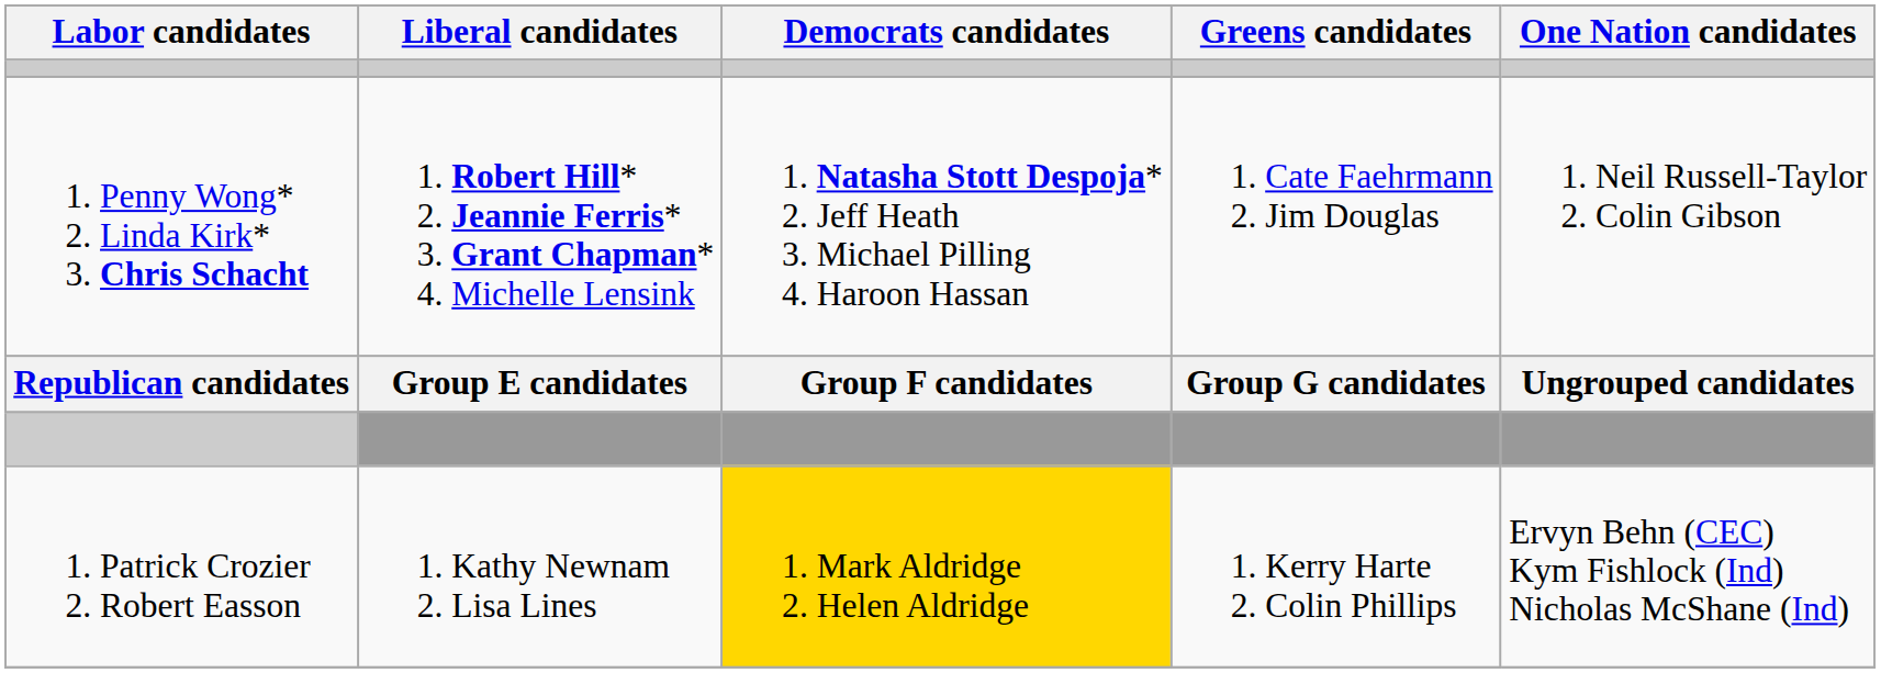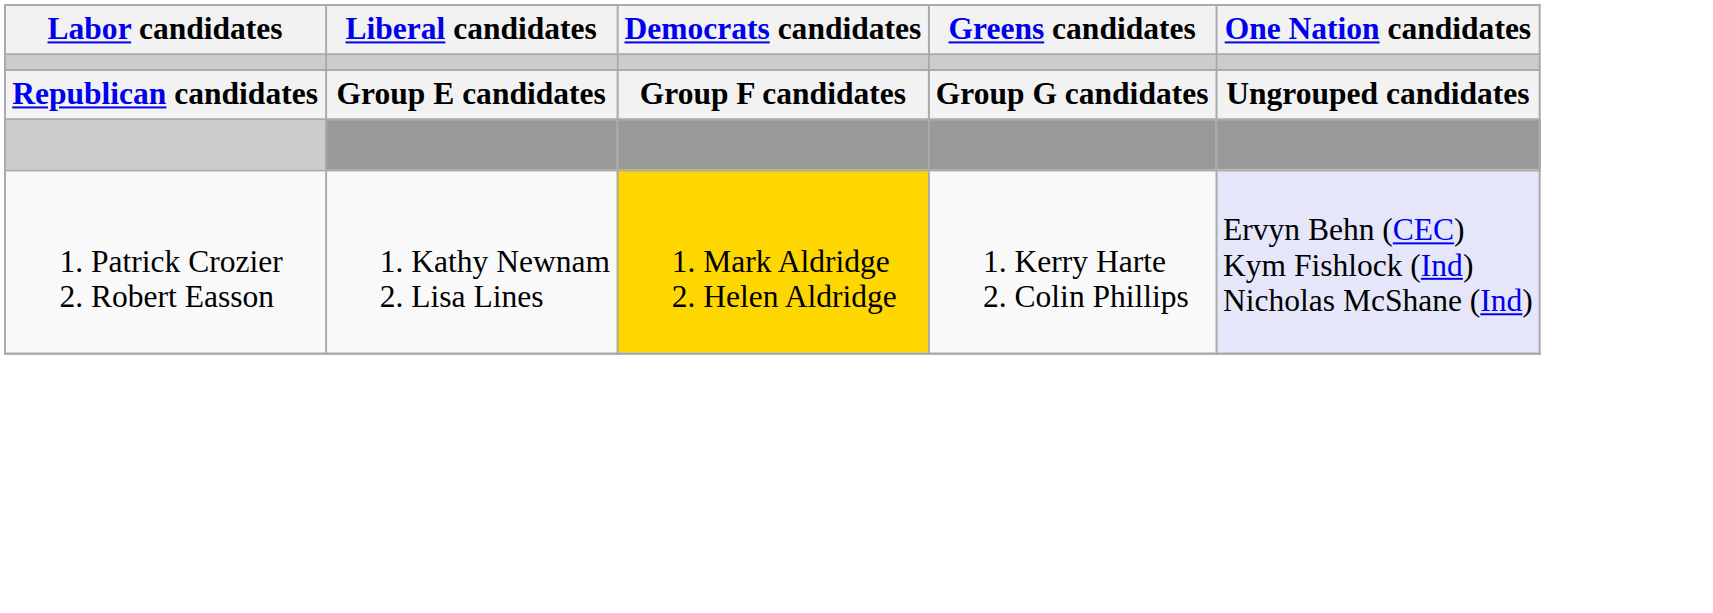 <table class="wikitable">
 <tr>
 <th><a href='#'>Labor</a> candidates</th>
 <th><a href='#'>Liberal</a> candidates</th>
 <th><a href='#'>Democrats</a> candidates</th>
 <th><a href='#'>Greens</a> candidates</th>
 <th><a href='#'>One Nation</a> candidates</th>
 </tr>
 <tr bgcolor="#cccccc">
 <td></td>
 <td></td>
 <td></td>
 <td></td>
 <td></td>
-</tr>
-<tr>
-<td><br><ol><li><a href='#'>Penny Wong</a>*</li><li><a href='#'>Linda Kirk</a>*</li><li><strong><a href='#'>Chris Schacht</a></strong></li></ol></td>
-<td><br><ol><li><strong><a href='#'>Robert Hill</a></strong>*</li><li><strong><a href='#'>Jeannie Ferris</a></strong>*</li><li><strong><a href='#'>Grant Chapman</a></strong>*</li><li><a href='#'>Michelle Lensink</a></li></ol></td>
-<td><br><ol><li><strong><a href='#'>Natasha Stott Despoja</a></strong>*</li><li>Jeff Heath</li><li>Michael Pilling</li><li>Haroon Hassan</li></ol></td>
-<td valign=top><br><ol><li><a href='#'>Cate Faehrmann</a></li><li>Jim Douglas</li></ol></td>
-<td valign=top><br><ol><li>Neil Russell-Taylor</li><li>Colin Gibson</li></ol></td>
 </tr>
 <tr bgcolor="#cccccc">
 <th><a href='#'>Republican</a> candidates</th>
 <th>Group E candidates</th>
 <th>Group F candidates</th>
 <th>Group G candidates</th>
 <th>Ungrouped candidates</th>
 </tr>
 <tr bgcolor="#cccccc">
 <td></td>
 <td bgcolor="#999999"></td>
 <td bgcolor="#999999"></td>
 <td bgcolor="#999999"></td>
 <td bgcolor="#999999"> </td>
 </tr>
 <tr>
 <td valign=top><br><ol><li>Patrick Crozier</li><li>Robert Easson</li></ol></td>
 <td valign=top><br><ol><li>Kathy Newnam</li><li>Lisa Lines</li></ol></td>
 <td valign=top style="background: gold;"><br><ol><li>Mark Aldridge</li><li>Helen Aldridge</li></ol></td>
 <td valign=top><br><ol><li>Kerry Harte</li><li>Colin Phillips</li></ol></td>
-<td valign=top><br>Ervyn Behn (<a href='#'>CEC</a>)<br> Kym Fishlock (<a href='#'>Ind</a>)<br> Nicholas McShane (<a href='#'>Ind</a>)</td>
+<td valign=top style="background: lavender;"><br>Ervyn Behn (<a href='#'>CEC</a>)<br> Kym Fishlock (<a href='#'>Ind</a>)<br> Nicholas McShane (<a href='#'>Ind</a>)</td>
 </tr>
 <tr>
 </tr>
 </table>
